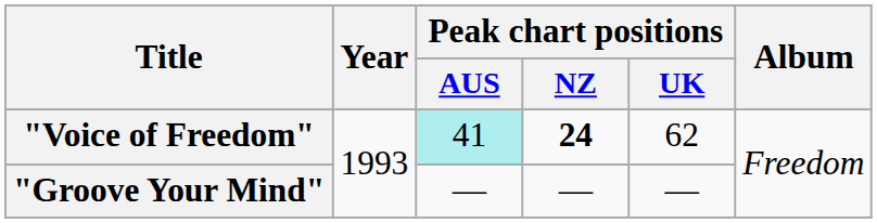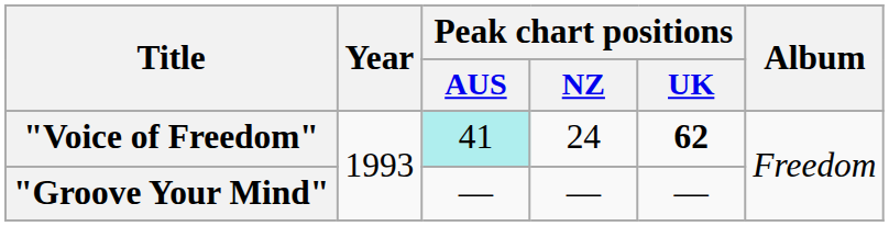 <table class="wikitable plainrowheaders" style="text-align:center;">
 <tr>
 <th scope="col" rowspan="2">Title</th>
 <th scope="col" rowspan="2">Year</th>
 <th scope="col" colspan="3">Peak chart positions</th>
 <th scope="col" rowspan="2">Album</th>
 </tr>
 <tr>
 <th scope="col" style="width:3em;font-size:90%;"><a href='#'>AUS</a><br></th>
 <th scope="col" style="width:3em;font-size:90%;"><a href='#'>NZ</a><br></th>
 <th scope="col" style="width:3em;font-size:90%;"><a href='#'>UK</a><br></th>
 </tr>
 <tr>
 <th scope="row">"Voice of Freedom"</th>
 <td rowspan="2">1993</td>
 <td style="background: paleturquoise;">41</td>
-<td><strong>24</strong></td>
-<td>62</td>
+<td>24</td>
+<td><strong>62</strong></td>
 <td rowspan="2"><em>Freedom</em></td>
 </tr>
 <tr>
 <th scope="row">"Groove Your Mind"</th>
 <td>—</td>
 <td>—</td>
 <td>—</td>
 </tr>
 </table>
